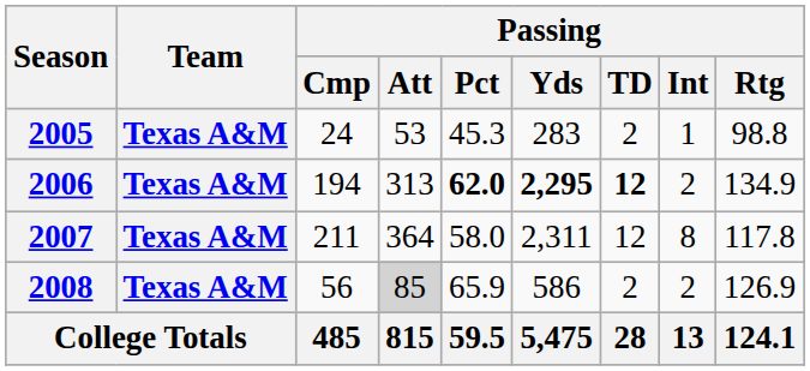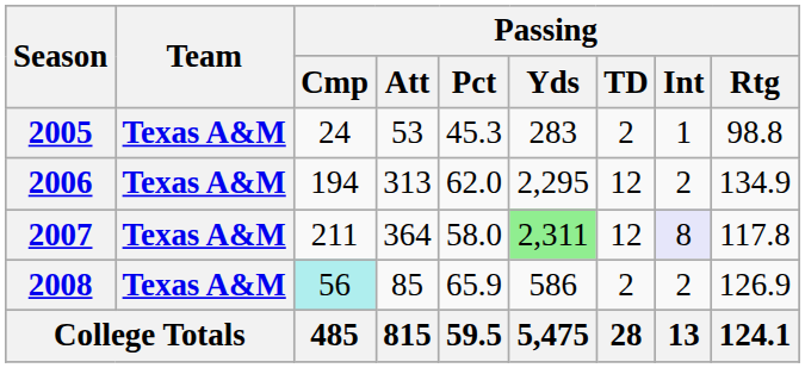 <table class="wikitable" style="text-align:center;">
 <tr>
 <th rowspan="2">Season</th>
 <th rowspan="2">Team</th>
 <th colspan="7">Passing</th>
 </tr>
 <tr>
 <th>Cmp</th>
 <th>Att</th>
 <th>Pct</th>
 <th>Yds</th>
 <th>TD</th>
 <th>Int</th>
 <th>Rtg</th>
 </tr>
 <tr>
 <th><a href='#'>2005</a></th>
 <th><a href='#'>Texas A&M</a></th>
 <td>24</td>
 <td>53</td>
 <td>45.3</td>
 <td>283</td>
 <td>2</td>
 <td>1</td>
 <td>98.8</td>
 </tr>
 <tr>
 <th><a href='#'>2006</a></th>
 <th><a href='#'>Texas A&M</a></th>
 <td>194</td>
 <td>313</td>
-<td><strong>62.0</strong></td>
-<td><strong>2,295</strong></td>
-<td><strong>12</strong></td>
+<td>62.0</td>
+<td>2,295</td>
+<td>12</td>
 <td>2</td>
 <td>134.9</td>
 </tr>
 <tr>
 <th><a href='#'>2007</a></th>
 <th><a href='#'>Texas A&M</a></th>
 <td>211</td>
 <td>364</td>
 <td>58.0</td>
-<td>2,311</td>
+<td style="background: lightgreen;">2,311</td>
 <td>12</td>
-<td>8</td>
+<td style="background: lavender;">8</td>
 <td>117.8</td>
 </tr>
 <tr>
 <th><a href='#'>2008</a></th>
 <th><a href='#'>Texas A&M</a></th>
-<td>56</td>
-<td style="background: lightgrey;">85</td>
+<td style="background: paleturquoise;">56</td>
+<td>85</td>
 <td>65.9</td>
 <td>586</td>
 <td>2</td>
 <td>2</td>
 <td>126.9</td>
 </tr>
 <tr>
 <th colspan="2">College Totals</th>
 <th>485</th>
 <th>815</th>
 <th>59.5</th>
 <th>5,475</th>
 <th>28</th>
 <th>13</th>
 <th>124.1</th>
 </tr>
 </table>
